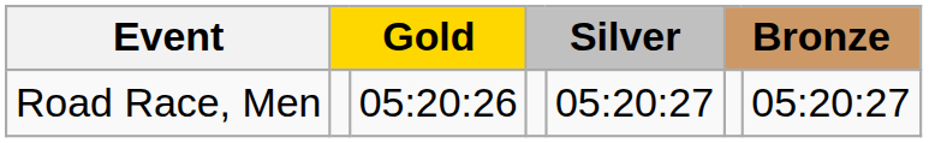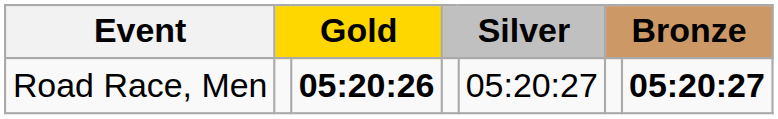 <table class="wikitable">
 <tr>
 <th scope="col">Event</th>
 <th scope="colgroup" style="background-color:gold;" colspan="2">Gold</th>
 <th scope="colgroup" style="background-color:silver;" colspan="2">Silver</th>
 <th scope="colgroup"  style="background-color:#cc9966;" colspan="2">Bronze</th>
 </tr>
 <tr>
 <td>Road Race, Men</td>
 <td></td>
-<td>05:20:26</td>
+<td><strong>05:20:26</strong></td>
 <td></td>
 <td>05:20:27</td>
 <td></td>
-<td>05:20:27</td>
+<td><strong>05:20:27</strong></td>
 </tr>
 </table>
